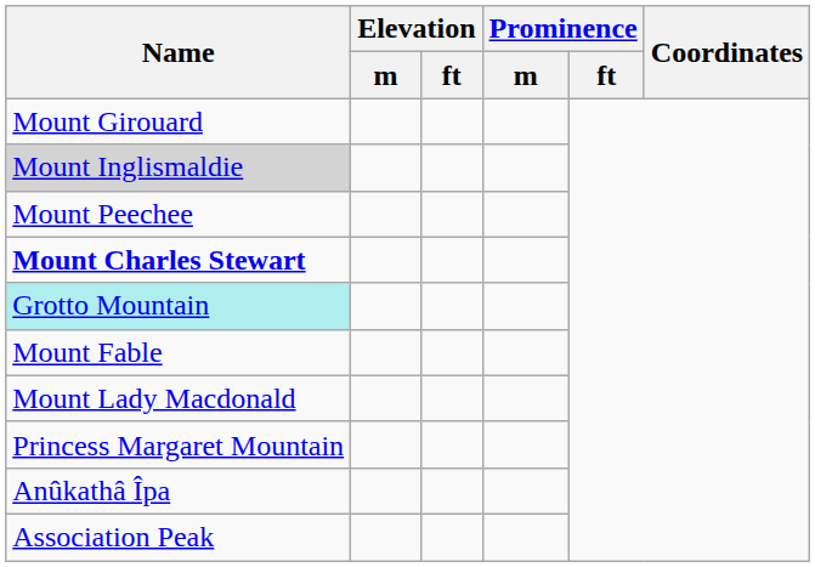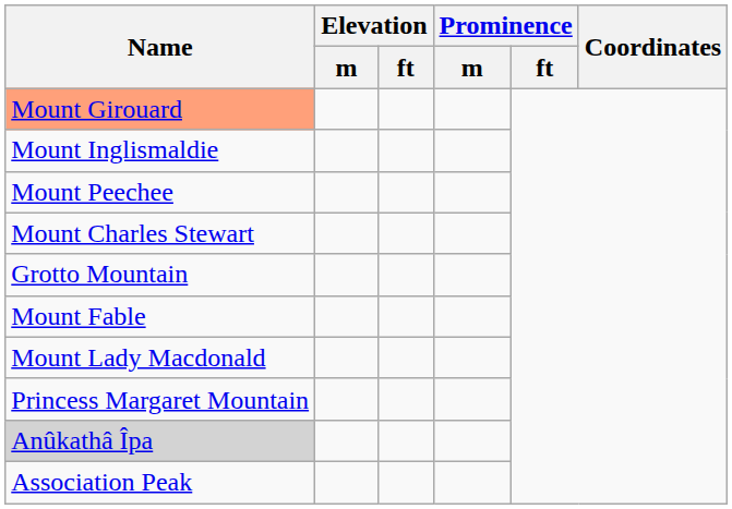 <table class="wikitable" style="margin-left:3em">
 <tr>
 <th rowspan=2>Name</th>
 <th colspan=2>Elevation</th>
 <th colspan=2><a href='#'>Prominence</a></th>
 <th rowspan=2>Coordinates</th>
 </tr>
 <tr>
 <th>m</th>
 <th>ft</th>
 <th>m</th>
 <th>ft</th>
 </tr>
 <tr>
-<td><a href='#'>Mount Girouard</a></td>
+<td style="background: lightsalmon;"><a href='#'>Mount Girouard</a></td>
 <td></td>
 <td></td>
 <td></td>
 </tr>
 <tr>
-<td style="background: lightgrey;"><a href='#'>Mount Inglismaldie</a></td>
+<td><a href='#'>Mount Inglismaldie</a></td>
 <td></td>
 <td></td>
 <td></td>
 </tr>
 <tr>
 <td><a href='#'>Mount Peechee</a></td>
 <td></td>
 <td></td>
 <td></td>
 </tr>
 <tr>
-<td><strong><a href='#'>Mount Charles Stewart</a></strong></td>
+<td><a href='#'>Mount Charles Stewart</a></td>
 <td></td>
 <td></td>
 <td></td>
 </tr>
 <tr>
-<td style="background: paleturquoise;"><a href='#'>Grotto Mountain</a></td>
+<td><a href='#'>Grotto Mountain</a></td>
 <td></td>
 <td></td>
 <td></td>
 </tr>
 <tr>
 <td><a href='#'>Mount Fable</a></td>
 <td></td>
 <td></td>
 <td></td>
 </tr>
 <tr>
 <td><a href='#'>Mount Lady Macdonald</a></td>
 <td></td>
 <td></td>
 <td></td>
 </tr>
 <tr>
 <td><a href='#'>Princess Margaret Mountain</a></td>
 <td></td>
 <td></td>
 <td></td>
 </tr>
 <tr>
-<td><a href='#'>Anûkathâ Îpa</a></td>
+<td style="background: lightgrey;"><a href='#'>Anûkathâ Îpa</a></td>
 <td></td>
 <td></td>
 <td></td>
 </tr>
 <tr>
 <td><a href='#'>Association Peak</a></td>
 <td></td>
 <td></td>
 <td></td>
 </tr>
 </table>
